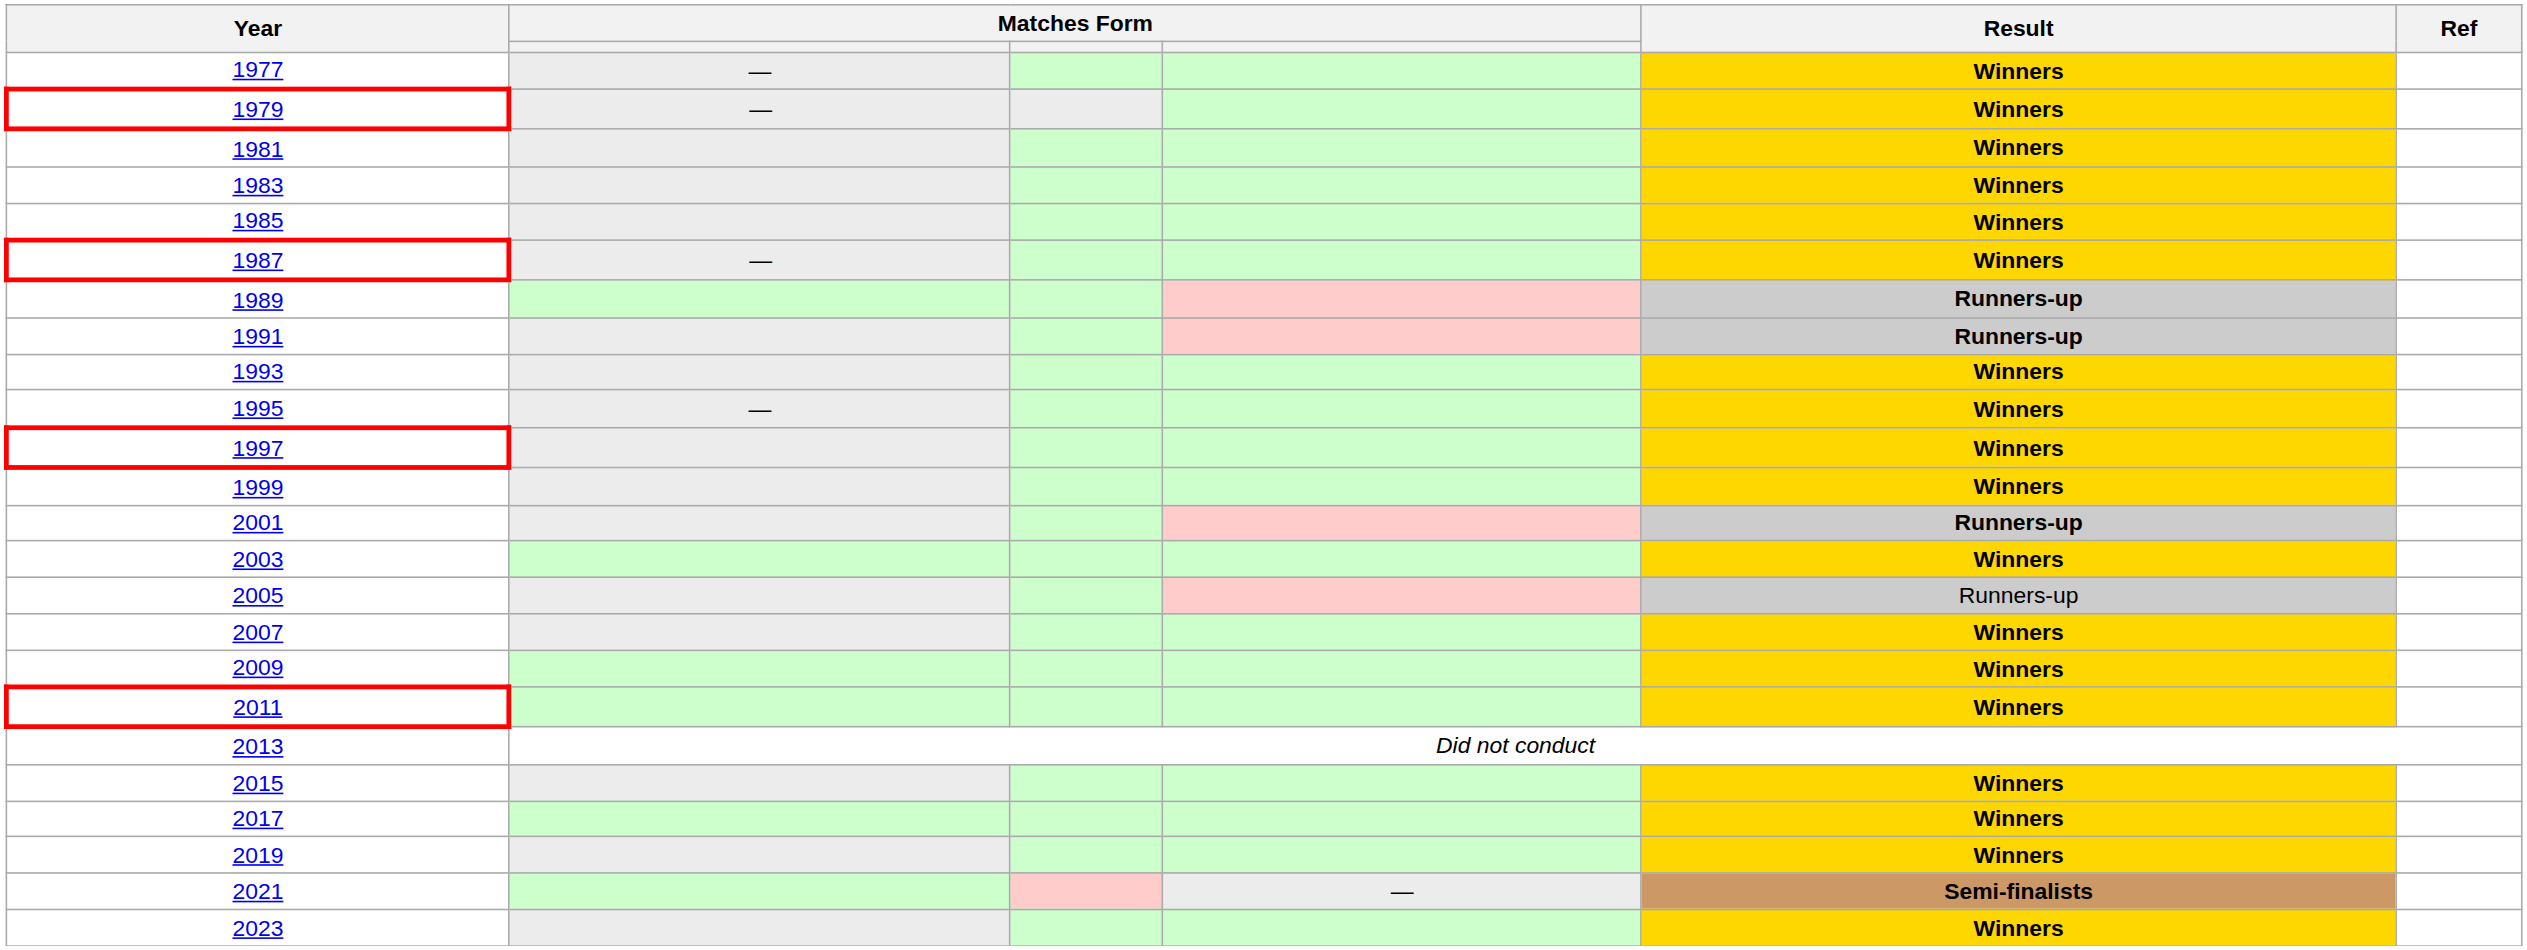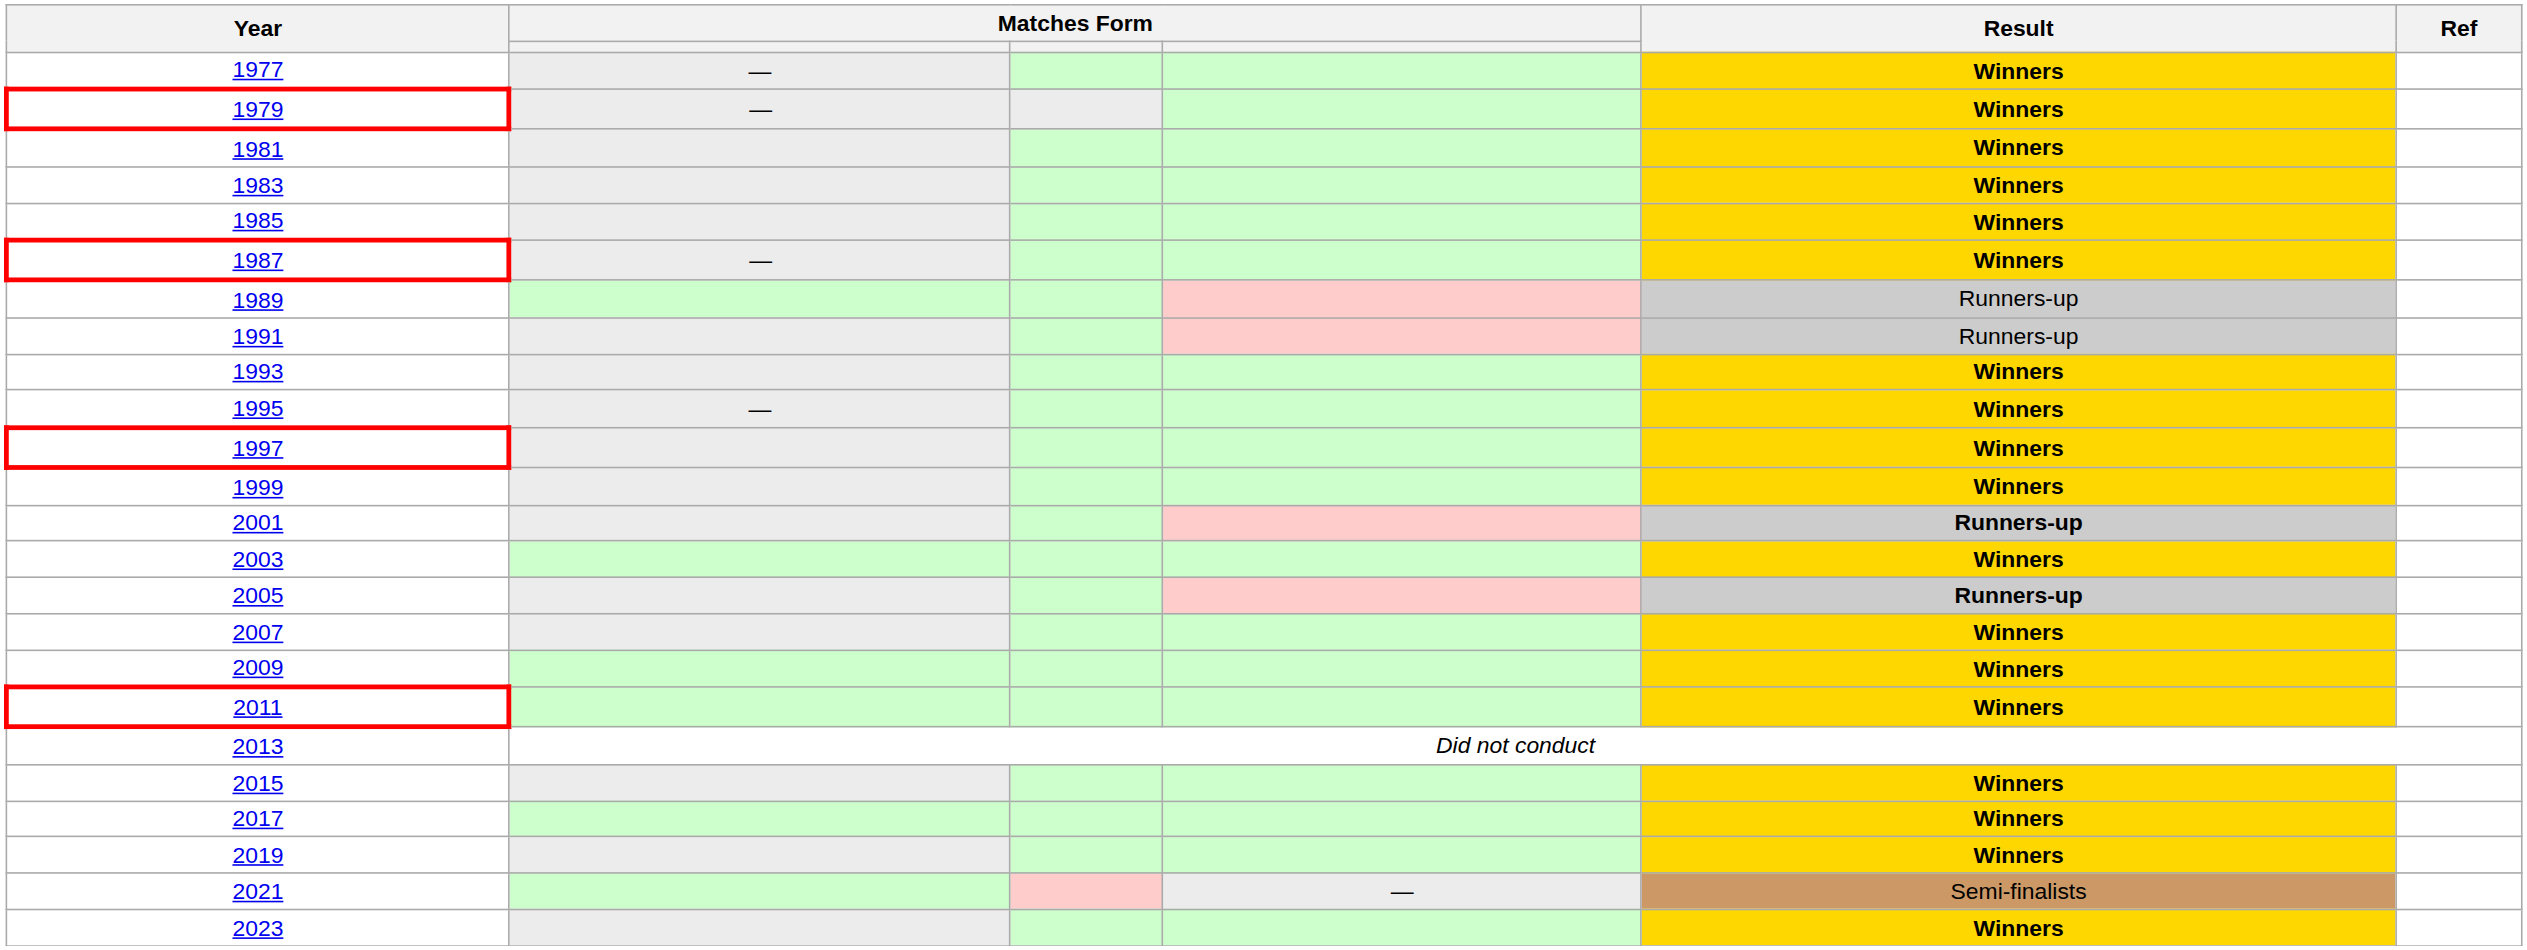 <table class="wikitable" style="text-align:center; font-size:90%; background:white;" width="100%">
 <tr>
 <th rowspan="2" width="20%">Year</th>
 <th colspan="3" width="45%">Matches Form</th>
 <th rowspan="2" width="30%">Result</th>
 <th rowspan="2" width="5%">Ref</th>
 </tr>
 <tr>
 <th></th>
 <th></th>
 <th></th>
 </tr>
 <tr>
 <td><a href='#'>1977</a> </td>
 <td style=background:#ECECEC>—</td>
 <td style=background:#CCFFCC><br></td>
 <td style=background:#CCFFCC><br></td>
 <td style=background:#FFD700> <strong>Winners</strong></td>
 <td></td>
 </tr>
 <tr>
 <td style="border:3px solid red;"><a href='#'>1979</a> </td>
 <td style=background:#ECECEC>—</td>
 <td style=background:#ECECEC></td>
 <td style=background:#CCFFCC><br></td>
 <td style=background:#FFD700> <strong>Winners</strong></td>
 <td></td>
 </tr>
 <tr>
 <td><a href='#'>1981</a> </td>
 <td style=background:#ECECEC></td>
 <td style=background:#CCFFCC><br></td>
 <td style=background:#CCFFCC><br></td>
 <td style=background:#FFD700> <strong>Winners</strong></td>
 <td></td>
 </tr>
 <tr>
 <td><a href='#'>1983</a> </td>
 <td style=background:#ECECEC></td>
 <td style=background:#CCFFCC><br></td>
 <td style=background:#CCFFCC><br></td>
 <td style=background:#FFD700> <strong>Winners</strong></td>
 <td></td>
 </tr>
 <tr>
 <td><a href='#'>1985</a> </td>
 <td style=background:#ECECEC></td>
 <td style=background:#CCFFCC><br></td>
 <td style=background:#CCFFCC><br></td>
 <td style=background:#FFD700> <strong>Winners</strong></td>
 <td></td>
 </tr>
 <tr>
 <td style="border:3px solid red;"><a href='#'>1987</a> </td>
 <td style=background:#ECECEC>—</td>
 <td style=background:#CCFFCC><br></td>
 <td style=background:#CCFFCC><br></td>
 <td style=background:#FFD700> <strong>Winners</strong></td>
 <td></td>
 </tr>
 <tr>
 <td><a href='#'>1989</a> </td>
 <td style=background:#CCFFCC><br></td>
 <td style=background:#CCFFCC><br></td>
 <td style=background:#FFCCCC><br></td>
-<td style=background:#CCCCCC><strong> Runners-up</strong></td>
+<td style=background:#CCCCCC> Runners-up</td>
 <td></td>
 </tr>
 <tr>
 <td><a href='#'>1991</a> </td>
 <td style=background:#ECECEC></td>
 <td style=background:#CCFFCC><br></td>
 <td style=background:#FFCCCC><br></td>
-<td style=background:#CCCCCC><strong> Runners-up</strong></td>
+<td style=background:#CCCCCC> Runners-up</td>
 <td></td>
 </tr>
 <tr>
 <td><a href='#'>1993</a> </td>
 <td style=background:#ECECEC></td>
 <td style=background:#CCFFCC><br></td>
 <td style=background:#CCFFCC><br></td>
 <td style=background:#FFD700> <strong>Winners</strong></td>
 <td></td>
 </tr>
 <tr>
 <td><a href='#'>1995</a> </td>
 <td style=background:#ECECEC>—</td>
 <td style=background:#CCFFCC><br></td>
 <td style=background:#CCFFCC><br></td>
 <td style=background:#FFD700> <strong>Winners</strong></td>
 <td></td>
 </tr>
 <tr>
 <td style="border:3px solid red;"><a href='#'>1997</a> </td>
 <td style=background:#ECECEC></td>
 <td style=background:#CCFFCC><br></td>
 <td style=background:#CCFFCC><br></td>
 <td style=background:#FFD700> <strong>Winners</strong></td>
 <td></td>
 </tr>
 <tr>
 <td><a href='#'>1999</a> </td>
 <td style=background:#ECECEC></td>
 <td style=background:#CCFFCC><br></td>
 <td style=background:#CCFFCC><br></td>
 <td style=background:#FFD700> <strong>Winners</strong></td>
 <td></td>
 </tr>
 <tr>
 <td><a href='#'>2001</a> </td>
 <td style=background:#ECECEC></td>
 <td style=background:#CCFFCC><br></td>
 <td style=background:#FFCCCC><br></td>
 <td style=background:#CCCCCC><strong> Runners-up</strong></td>
 <td></td>
 </tr>
 <tr>
 <td><a href='#'>2003</a> </td>
 <td style=background:#CCFFCC><br></td>
 <td style=background:#CCFFCC><br></td>
 <td style=background:#CCFFCC><br></td>
 <td style=background:#FFD700> <strong>Winners</strong></td>
 <td></td>
 </tr>
 <tr>
 <td><a href='#'>2005</a> </td>
 <td style=background:#ECECEC></td>
 <td style=background:#CCFFCC><br></td>
 <td style=background:#FFCCCC><br></td>
-<td style=background:#CCCCCC> Runners-up</td>
+<td style=background:#CCCCCC><strong> Runners-up</strong></td>
 <td></td>
 </tr>
 <tr>
 <td><a href='#'>2007</a> </td>
 <td style=background:#ECECEC></td>
 <td style=background:#CCFFCC><br></td>
 <td style=background:#CCFFCC><br></td>
 <td style=background:#FFD700> <strong>Winners</strong></td>
 <td></td>
 </tr>
 <tr>
 <td><a href='#'>2009</a> </td>
 <td style=background:#CCFFCC><br></td>
 <td style=background:#CCFFCC><br></td>
 <td style=background:#CCFFCC><br></td>
 <td style=background:#FFD700> <strong>Winners</strong></td>
 <td></td>
 </tr>
 <tr>
 <td style="border:3px solid red;"><a href='#'>2011</a> </td>
 <td style=background:#CCFFCC><br></td>
 <td style=background:#CCFFCC><br></td>
 <td style=background:#CCFFCC><br></td>
 <td style=background:#FFD700> <strong>Winners</strong></td>
 <td></td>
 </tr>
 <tr>
 <td><a href='#'>2013</a> </td>
 <td colspan="6"><em>Did not conduct</em></td>
 </tr>
 <tr>
 <td><a href='#'>2015</a> </td>
 <td style=background:#ECECEC></td>
 <td style=background:#CCFFCC><br></td>
 <td style=background:#CCFFCC><br></td>
 <td style=background:#FFD700> <strong>Winners</strong></td>
 <td></td>
 </tr>
 <tr>
 <td><a href='#'>2017</a> </td>
 <td style=background:#CCFFCC><br></td>
 <td style=background:#CCFFCC><br></td>
 <td style=background:#CCFFCC><br></td>
 <td style=background:#FFD700> <strong>Winners</strong></td>
 <td></td>
 </tr>
 <tr>
 <td><a href='#'>2019</a> </td>
 <td style=background:#ECECEC></td>
 <td style=background:#CCFFCC><br></td>
 <td style=background:#CCFFCC><br></td>
 <td style=background:#FFD700> <strong>Winners</strong></td>
 <td></td>
 </tr>
 <tr>
 <td><a href='#'>2021</a> </td>
 <td style=background:#CCFFCC><br></td>
 <td style=background:#FFCCCC><br></td>
 <td style=background:#ECECEC>—</td>
-<td style=background:#CC9966><strong> Semi-finalists</strong></td>
+<td style=background:#CC9966> Semi-finalists</td>
 <td></td>
 </tr>
 <tr>
 <td><a href='#'>2023</a> </td>
 <td style=background:#ECECEC></td>
 <td style=background:#CCFFCC><br></td>
 <td style=background:#CCFFCC><br></td>
 <td style=background:#FFD700> <strong>Winners</strong></td>
 <td></td>
 </tr>
 </table>
